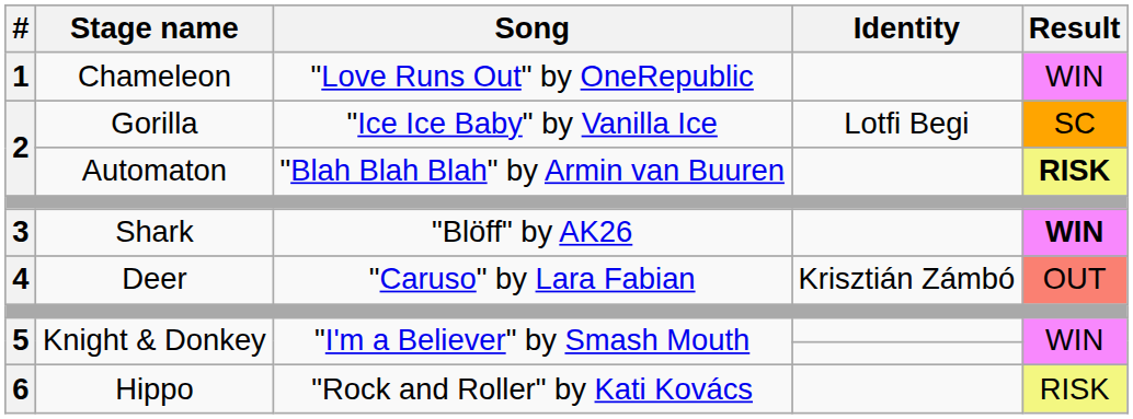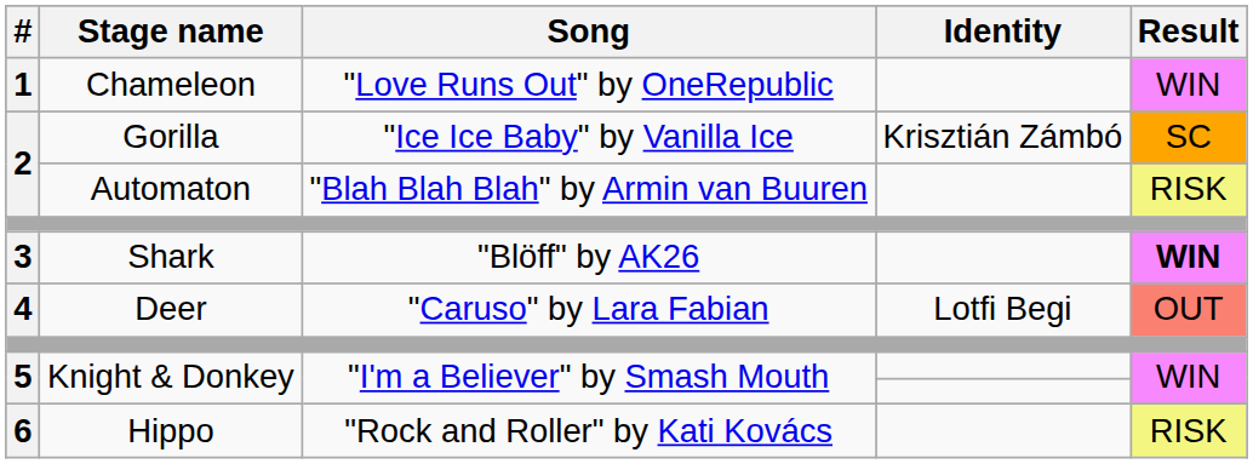 <table class="wikitable plainrowheaders" style="text-align: center">
 <tr>
 <th>#</th>
 <th>Stage name</th>
 <th>Song</th>
 <th>Identity</th>
 <th>Result</th>
 </tr>
 <tr>
 <th>1</th>
 <td>Chameleon</td>
 <td>"<a href='#'>Love Runs Out</a>" by <a href='#'>OneRepublic</a></td>
 <td></td>
 <td bgcolor="F888FD">WIN</td>
 </tr>
 <tr>
 <th rowspan="2">2</th>
 <td>Gorilla</td>
 <td>"<a href='#'>Ice Ice Baby</a>" by <a href='#'>Vanilla Ice</a></td>
-<td>Lotfi Begi</td>
+<td>Krisztián Zámbó</td>
 <td bgcolor="orange">SC</td>
 </tr>
 <tr>
 <td>Automaton</td>
 <td>"<a href='#'>Blah Blah Blah</a>" by <a href='#'>Armin van Buuren</a></td>
 <td></td>
-<td bgcolor="F3F781"><strong>RISK</strong></td>
+<td bgcolor="F3F781">RISK</td>
 </tr>
 <tr>
 <th colspan="5" style="background:darkgrey"></th>
 </tr>
 <tr>
 <th>3</th>
 <td>Shark</td>
 <td>"Blöff" by <a href='#'>AK26</a></td>
 <td></td>
 <td bgcolor="F888FD"><strong>WIN</strong></td>
 </tr>
 <tr>
 <th>4</th>
 <td>Deer</td>
 <td>"<a href='#'>Caruso</a>" by <a href='#'>Lara Fabian</a></td>
-<td>Krisztián Zámbó</td>
+<td>Lotfi Begi</td>
 <td bgcolor="salmon">OUT</td>
 </tr>
 <tr>
 <th colspan="5" style="background:darkgrey"></th>
 </tr>
 <tr>
 <th rowspan="2">5</th>
 <td rowspan="2">Knight & Donkey</td>
 <td rowspan="2">"<a href='#'>I'm a Believer</a>" by <a href='#'>Smash Mouth</a></td>
 <td></td>
 <td rowspan="2" bgcolor="F888FD">WIN</td>
 </tr>
 <tr>
 <td></td>
 </tr>
 <tr>
 <th>6</th>
 <td>Hippo</td>
 <td>"Rock and Roller" by <a href='#'>Kati Kovács</a></td>
 <td></td>
 <td bgcolor="F3F781">RISK</td>
 </tr>
 </table>
